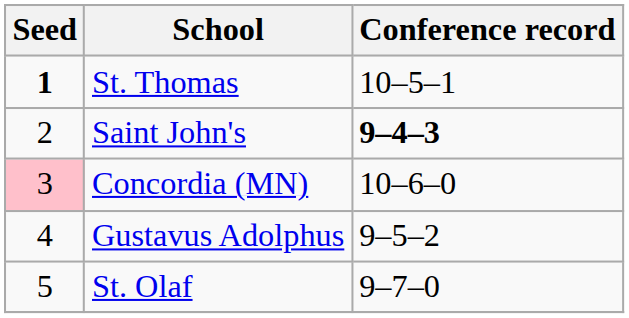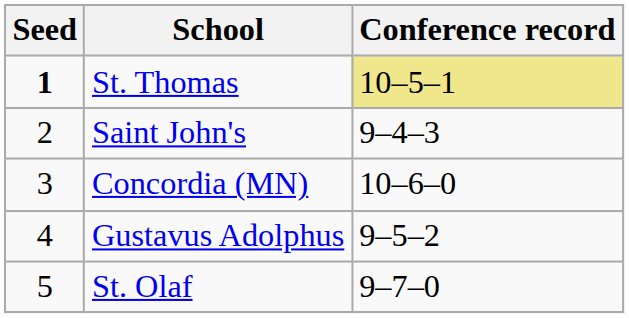 <table class="wikitable">
 <tr>
 <th>Seed</th>
 <th>School</th>
 <th>Conference record</th>
 </tr>
 <tr>
 <td align=center><strong>1</strong></td>
 <td><a href='#'>St. Thomas</a></td>
-<td>10–5–1</td>
+<td style="background: khaki;">10–5–1</td>
 </tr>
 <tr>
 <td align=center>2</td>
 <td><a href='#'>Saint John's</a></td>
-<td><strong>9–4–3</strong></td>
+<td>9–4–3</td>
 </tr>
 <tr>
-<td align=center style="background: pink;">3</td>
+<td align=center>3</td>
 <td><a href='#'>Concordia (MN)</a></td>
 <td>10–6–0</td>
 </tr>
 <tr>
 <td align=center>4</td>
 <td><a href='#'>Gustavus Adolphus</a></td>
 <td>9–5–2</td>
 </tr>
 <tr>
 <td align=center>5</td>
 <td><a href='#'>St. Olaf</a></td>
 <td>9–7–0</td>
 </tr>
 <tr>
 </tr>
 </table>
